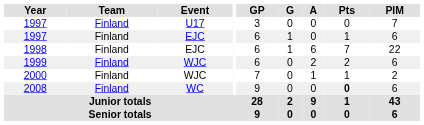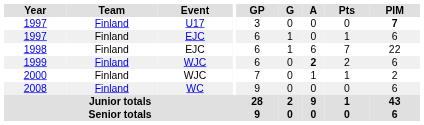 <table border="0" cellpadding="1" cellspacing="0" ID="Table3" style="text-align:center; width:40em">
 <tr bgcolor="#e0e0e0">
 <th>Year</th>
 <th>Team</th>
 <th>Event</th>
 <th rowspan="102" bgcolor="#ffffff"></th>
 <th>GP</th>
 <th>G</th>
 <th>A</th>
 <th>Pts</th>
 <th>PIM</th>
 </tr>
 <tr>
 <td><a href='#'>1997</a></td>
 <td><a href='#'>Finland</a></td>
 <td><a href='#'>U17</a></td>
 <td>3</td>
 <td>0</td>
 <td>0</td>
 <td>0</td>
-<td>7</td>
+<td><strong>7</strong></td>
 </tr>
 <tr bgcolor="#f0f0f0">
 <td><a href='#'>1997</a></td>
 <td>Finland</td>
 <td><a href='#'>EJC</a></td>
 <td>6</td>
 <td>1</td>
 <td>0</td>
 <td>1</td>
 <td>6</td>
 </tr>
 <tr>
 <td><a href='#'>1998</a></td>
 <td>Finland</td>
 <td>EJC</td>
 <td>6</td>
 <td>1</td>
 <td>6</td>
 <td>7</td>
 <td>22</td>
 </tr>
 <tr bgcolor="#f0f0f0">
 <td><a href='#'>1999</a></td>
 <td><a href='#'>Finland</a></td>
 <td><a href='#'>WJC</a></td>
 <td>6</td>
 <td>0</td>
-<td>2</td>
+<td><strong>2</strong></td>
 <td>2</td>
 <td>6</td>
 </tr>
 <tr>
 <td><a href='#'>2000</a></td>
 <td>Finland</td>
 <td>WJC</td>
 <td>7</td>
 <td>0</td>
 <td>1</td>
 <td>1</td>
 <td>2</td>
 </tr>
 <tr bgcolor="#f0f0f0">
 <td><a href='#'>2008</a></td>
 <td><a href='#'>Finland</a></td>
 <td><a href='#'>WC</a></td>
 <td>9</td>
 <td>0</td>
 <td>0</td>
-<td><strong>0</strong></td>
+<td>0</td>
 <td>6</td>
 </tr>
 <tr bgcolor="#e0e0e0">
 <th colspan="4">Junior totals</th>
 <th>28</th>
 <th>2</th>
 <th>9</th>
 <th>1</th>
 <th>43</th>
 </tr>
 <tr bgcolor="#e0e0e0">
 <th colspan="4">Senior totals</th>
 <th>9</th>
 <th>0</th>
 <th>0</th>
 <th>0</th>
 <th>6</th>
 </tr>
 </table>
